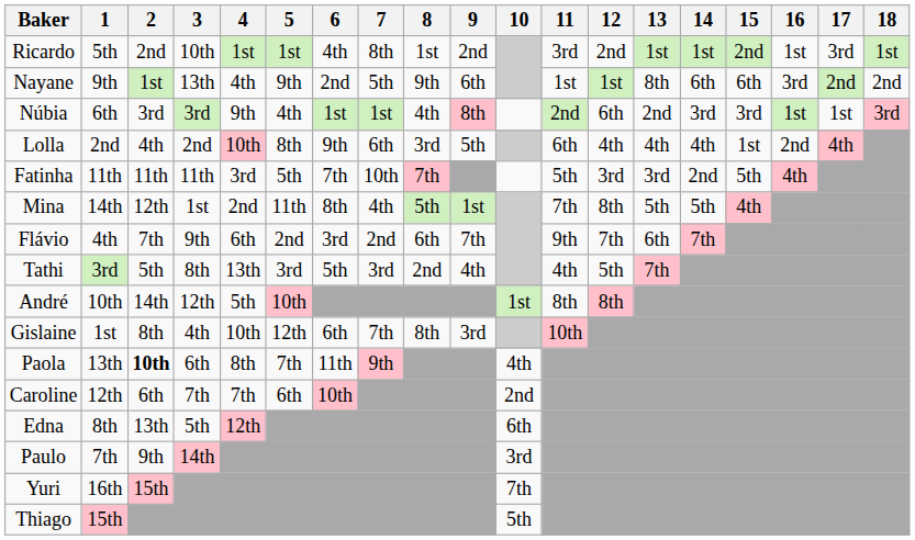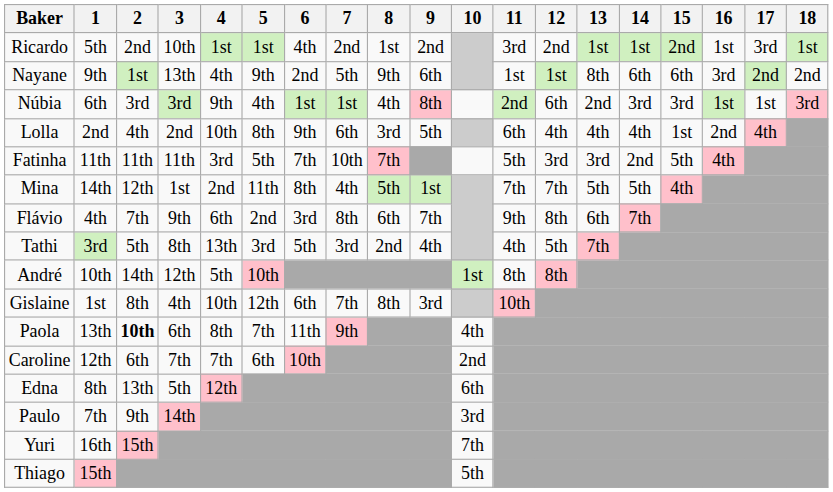 <table class="wikitable" style="text-align:center;">
 <tr>
 <th>Baker</th>
 <th width=30>1</th>
 <th width=30>2</th>
 <th width=30>3</th>
 <th width=30>4</th>
 <th width=30>5</th>
 <th width=30>6</th>
 <th width=30>7</th>
 <th width=30>8</th>
 <th width=30>9</th>
 <th width=30>10</th>
 <th width=30>11</th>
 <th width=30>12</th>
 <th width=30>13</th>
 <th width=30>14</th>
 <th width=30>15</th>
 <th width=30>16</th>
 <th width=30>17</th>
 <th width=30>18</th>
 </tr>
 <tr>
 <td>Ricardo</td>
 <td>5th</td>
 <td>2nd</td>
 <td>10th</td>
 <td bgcolor=D0F0C0>1st</td>
 <td bgcolor=D0F0C0>1st</td>
 <td>4th</td>
-<td>8th</td>
+<td>2nd</td>
 <td>1st</td>
 <td>2nd</td>
 <td bgcolor=CCCCCC rowspan=2></td>
 <td>3rd</td>
 <td>2nd</td>
 <td bgcolor=D0F0C0>1st</td>
 <td bgcolor=D0F0C0>1st</td>
 <td bgcolor=D0F0C0>2nd</td>
 <td>1st</td>
 <td>3rd</td>
 <td bgcolor=D0F0C0>1st</td>
 </tr>
 <tr>
 <td>Nayane</td>
 <td>9th</td>
 <td bgcolor=D0F0C0>1st</td>
 <td>13th</td>
 <td>4th</td>
 <td>9th</td>
 <td>2nd</td>
 <td>5th</td>
 <td>9th</td>
 <td>6th</td>
 <td>1st</td>
 <td bgcolor=D0F0C0>1st</td>
 <td>8th</td>
 <td>6th</td>
 <td>6th</td>
 <td>3rd</td>
 <td bgcolor=D0F0C0>2nd</td>
 <td>2nd</td>
 </tr>
 <tr>
 <td>Núbia</td>
 <td>6th</td>
 <td>3rd</td>
 <td bgcolor=D0F0C0>3rd</td>
 <td>9th</td>
 <td>4th</td>
 <td bgcolor=D0F0C0>1st</td>
 <td bgcolor=D0F0C0>1st</td>
 <td>4th</td>
 <td bgcolor=FFC0CB>8th</td>
 <td></td>
 <td bgcolor=D0F0C0>2nd</td>
 <td>6th</td>
 <td>2nd</td>
 <td>3rd</td>
 <td>3rd</td>
 <td bgcolor=D0F0C0>1st</td>
 <td>1st</td>
 <td bgcolor=FFC0CB>3rd</td>
 </tr>
 <tr>
 <td>Lolla</td>
 <td>2nd</td>
 <td>4th</td>
 <td>2nd</td>
-<td style="background: pink;">10th</td>
+<td>10th</td>
 <td>8th</td>
 <td>9th</td>
 <td>6th</td>
 <td>3rd</td>
 <td>5th</td>
 <td bgcolor=CCCCCC rowspan=1></td>
 <td>6th</td>
 <td>4th</td>
 <td>4th</td>
 <td>4th</td>
 <td>1st</td>
 <td>2nd</td>
 <td bgcolor=FFC0CB>4th</td>
 <td bgcolor=A9A9A9 colspan=1></td>
 </tr>
 <tr>
 <td>Fatinha</td>
 <td>11th</td>
 <td>11th</td>
 <td>11th</td>
 <td>3rd</td>
 <td>5th</td>
 <td>7th</td>
 <td>10th</td>
 <td bgcolor=FFC0CB>7th</td>
 <td bgcolor=A9A9A9></td>
 <td></td>
 <td>5th</td>
 <td>3rd</td>
 <td>3rd</td>
 <td>2nd</td>
 <td>5th</td>
 <td bgcolor=FFC0CB>4th</td>
 <td bgcolor=A9A9A9 colspan=2></td>
 </tr>
 <tr>
 <td>Mina</td>
 <td>14th</td>
 <td>12th</td>
 <td>1st</td>
 <td>2nd</td>
 <td>11th</td>
 <td>8th</td>
 <td>4th</td>
 <td bgcolor=D0F0C0>5th</td>
 <td bgcolor=D0F0C0>1st</td>
 <td bgcolor=CCCCCC rowspan=3></td>
 <td>7th</td>
-<td>8th</td>
+<td>7th</td>
 <td>5th</td>
 <td>5th</td>
 <td bgcolor=FFC0CB>4th</td>
 <td bgcolor=A9A9A9 colspan=3></td>
 </tr>
 <tr>
 <td>Flávio</td>
 <td>4th</td>
 <td>7th</td>
 <td>9th</td>
 <td>6th</td>
 <td>2nd</td>
 <td>3rd</td>
-<td>2nd</td>
+<td>8th</td>
 <td>6th</td>
 <td>7th</td>
 <td>9th</td>
-<td>7th</td>
+<td>8th</td>
 <td>6th</td>
 <td bgcolor=FFC0CB>7th</td>
 <td bgcolor=A9A9A9 colspan=4></td>
 </tr>
 <tr>
 <td>Tathi</td>
 <td bgcolor=D0F0C0>3rd</td>
 <td>5th</td>
 <td>8th</td>
 <td>13th</td>
 <td>3rd</td>
 <td>5th</td>
 <td>3rd</td>
 <td>2nd</td>
 <td>4th</td>
 <td>4th</td>
 <td>5th</td>
 <td bgcolor=FFC0CB>7th</td>
 <td bgcolor=A9A9A9 colspan=5></td>
 </tr>
 <tr>
 <td>André</td>
 <td>10th</td>
 <td>14th</td>
 <td>12th</td>
 <td>5th</td>
 <td bgcolor=FFC0CB>10th</td>
 <td bgcolor=A9A9A9 colspan=4></td>
 <td bgcolor=D0F0C0>1st</td>
 <td>8th</td>
 <td bgcolor=FFC0CB>8th</td>
 <td bgcolor=A9A9A9 colspan=6></td>
 </tr>
 <tr>
 <td>Gislaine</td>
 <td>1st</td>
 <td>8th</td>
 <td>4th</td>
 <td>10th</td>
 <td>12th</td>
 <td>6th</td>
 <td>7th</td>
 <td>8th</td>
 <td>3rd</td>
 <td bgcolor=CCCCCC rowspan=1></td>
 <td bgcolor=FFC0CB>10th</td>
 <td bgcolor=A9A9A9 colspan=7></td>
 </tr>
 <tr>
 <td>Paola</td>
 <td>13th</td>
 <td><strong>10th</strong></td>
 <td>6th</td>
 <td>8th</td>
 <td>7th</td>
 <td>11th</td>
 <td bgcolor=FFC0CB>9th</td>
 <td bgcolor=A9A9A9 colspan=2></td>
 <td>4th</td>
 <td bgcolor=A9A9A9 colspan=8></td>
 </tr>
 <tr>
 <td>Caroline</td>
 <td>12th</td>
 <td>6th</td>
 <td>7th</td>
 <td>7th</td>
 <td>6th</td>
 <td bgcolor=FFC0CB>10th</td>
 <td bgcolor=A9A9A9 colspan=3></td>
 <td>2nd</td>
 <td bgcolor=A9A9A9 colspan=8></td>
 </tr>
 <tr>
 <td>Edna</td>
 <td>8th</td>
 <td>13th</td>
 <td>5th</td>
 <td bgcolor=FFC0CB>12th</td>
 <td bgcolor=A9A9A9 colspan=5></td>
 <td>6th</td>
 <td bgcolor=A9A9A9 colspan=8></td>
 </tr>
 <tr>
 <td>Paulo</td>
 <td>7th</td>
 <td>9th</td>
 <td bgcolor=FFC0CB>14th</td>
 <td bgcolor=A9A9A9 colspan=6></td>
 <td>3rd</td>
 <td bgcolor=A9A9A9 colspan=8></td>
 </tr>
 <tr>
 <td>Yuri</td>
 <td>16th</td>
 <td bgcolor=FFC0CB>15th</td>
 <td bgcolor=A9A9A9 colspan=7></td>
 <td>7th</td>
 <td bgcolor=A9A9A9 colspan=8></td>
 </tr>
 <tr>
 <td>Thiago</td>
 <td bgcolor=FFC0CB>15th</td>
 <td bgcolor=A9A9A9 colspan=8></td>
 <td>5th</td>
 <td bgcolor=A9A9A9 colspan=8></td>
 </tr>
 </table>
